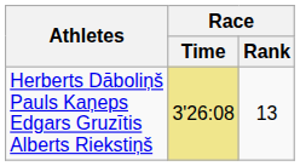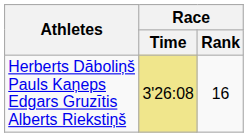 <table class="wikitable" border="1" style="font-size:90%">
 <tr>
 <th rowspan=2>Athletes</th>
 <th colspan=2>Race</th>
 </tr>
 <tr>
 <th>Time</th>
 <th>Rank</th>
 </tr>
 <tr>
 <td><a href='#'>Herberts Dāboliņš</a><br><a href='#'>Pauls Kaņeps</a><br><a href='#'>Edgars Gruzītis</a><br><a href='#'>Alberts Riekstiņš</a></td>
 <td align=center style="background: khaki;">3'26:08</td>
-<td align=center>13</td>
+<td align=center>16</td>
 </tr>
 </table>
